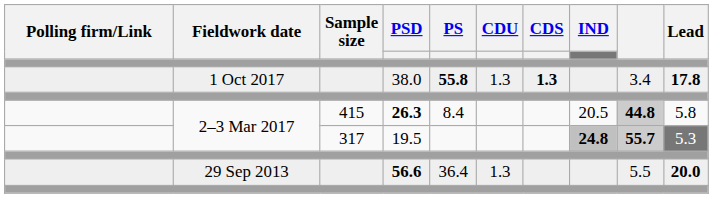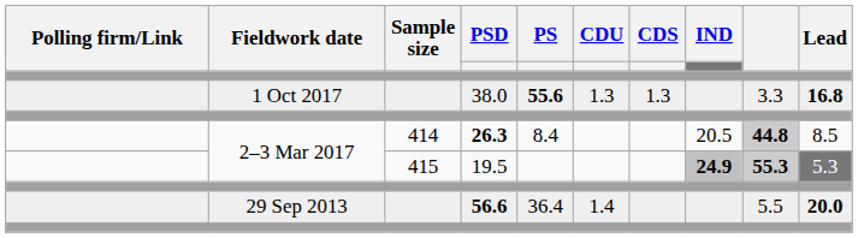 <table class="wikitable collapsible sortable" style="text-align:center; font-size:95%; line-height:16px;">
 <tr style="height:42px;">
 <th style="width:145px;" rowspan="2">Polling firm/Link</th>
 <th style="width:125px;" rowspan="2">Fieldwork date</th>
 <th class="unsortable" style="width:50px;" rowspan="2">Sample size</th>
 <th class="unsortable" style="width:35px;"><a href='#'>PSD</a></th>
 <th class="unsortable" style="width:35px;"><a href='#'>PS</a></th>
 <th class="unsortable" style="width:35px;"><a href='#'>CDU</a></th>
 <th class="unsortable" style="width:35px;"><a href='#'>CDS</a></th>
 <th class="unsortable" style="width:35px;"><a href='#'>IND</a></th>
 <th class="unsortable" style="width:35px;" rowspan="2"></th>
 <th class="unsortable" style="width:30px;" rowspan="2">Lead</th>
 </tr>
 <tr>
 <th class="unsortable" style="color:inherit;background:"></th>
 <th class="unsortable" style="color:inherit;background:"></th>
 <th class="unsortable" style="color:inherit;background:"></th>
 <th class="unsortable" style="color:inherit;background:"></th>
 <th class="unsortable" style="color:inherit;background:#777777;"></th>
 </tr>
 <tr>
 <td colspan="11" style="background:#A0A0A0"></td>
 </tr>
 <tr style="background:#EFEFEF;">
 <td><strong></strong></td>
 <td data-sort-value="2019-10-06">1 Oct 2017</td>
 <td></td>
 <td>38.0<br></td>
-<td><strong>55.8</strong><br></td>
+<td><strong>55.6</strong><br></td>
 <td>1.3<br></td>
-<td><strong>1.3<br></strong></td>
+<td>1.3<br></td>
 <td></td>
-<td>3.4</td>
-<td style="background:"><strong>17.8</strong></td>
+<td>3.3</td>
+<td style="background:"><strong>16.8</strong></td>
 </tr>
 <tr>
 <td colspan="11" style="background:#A0A0A0"></td>
 </tr>
 <tr>
 <td align="center"></td>
 <td rowspan="2" align="center">2–3 Mar 2017</td>
-<td>415</td>
+<td>414</td>
 <td align="center" ><strong>26.3</strong></td>
 <td align="center">8.4</td>
 <td></td>
 <td></td>
 <td align="center">20.5</td>
 <td align="center" style="background:#cccccc"><strong>44.8</strong></td>
-<td style="background:">5.8</td>
+<td style="background:">8.5</td>
 </tr>
 <tr>
 <td align="center"></td>
-<td>317</td>
+<td>415</td>
 <td align="center">19.5</td>
 <td></td>
 <td></td>
 <td></td>
-<td align="center" style="background:#C0C0C0"><strong>24.8</strong></td>
-<td align="center" style="background:#cccccc"><strong>55.7</strong></td>
+<td align="center" style="background:#C0C0C0"><strong>24.9</strong></td>
+<td align="center" style="background:#cccccc"><strong>55.3</strong></td>
 <td style="background:#777777; color:white;">5.3</td>
 </tr>
 <tr>
 <td colspan="11" style="background:#A0A0A0"></td>
 </tr>
 <tr style="background:#EFEFEF;">
 <td><strong></strong></td>
 <td data-sort-value="2019-10-06">29 Sep 2013</td>
 <td></td>
 <td><strong>56.6</strong><br></td>
 <td>36.4<br></td>
-<td>1.3<br></td>
+<td>1.4<br></td>
 <td></td>
 <td></td>
 <td>5.5</td>
 <td style="background:"><strong>20.0</strong></td>
 </tr>
 <tr>
 <td colspan="11" style="background:#A0A0A0"></td>
 </tr>
 </table>
